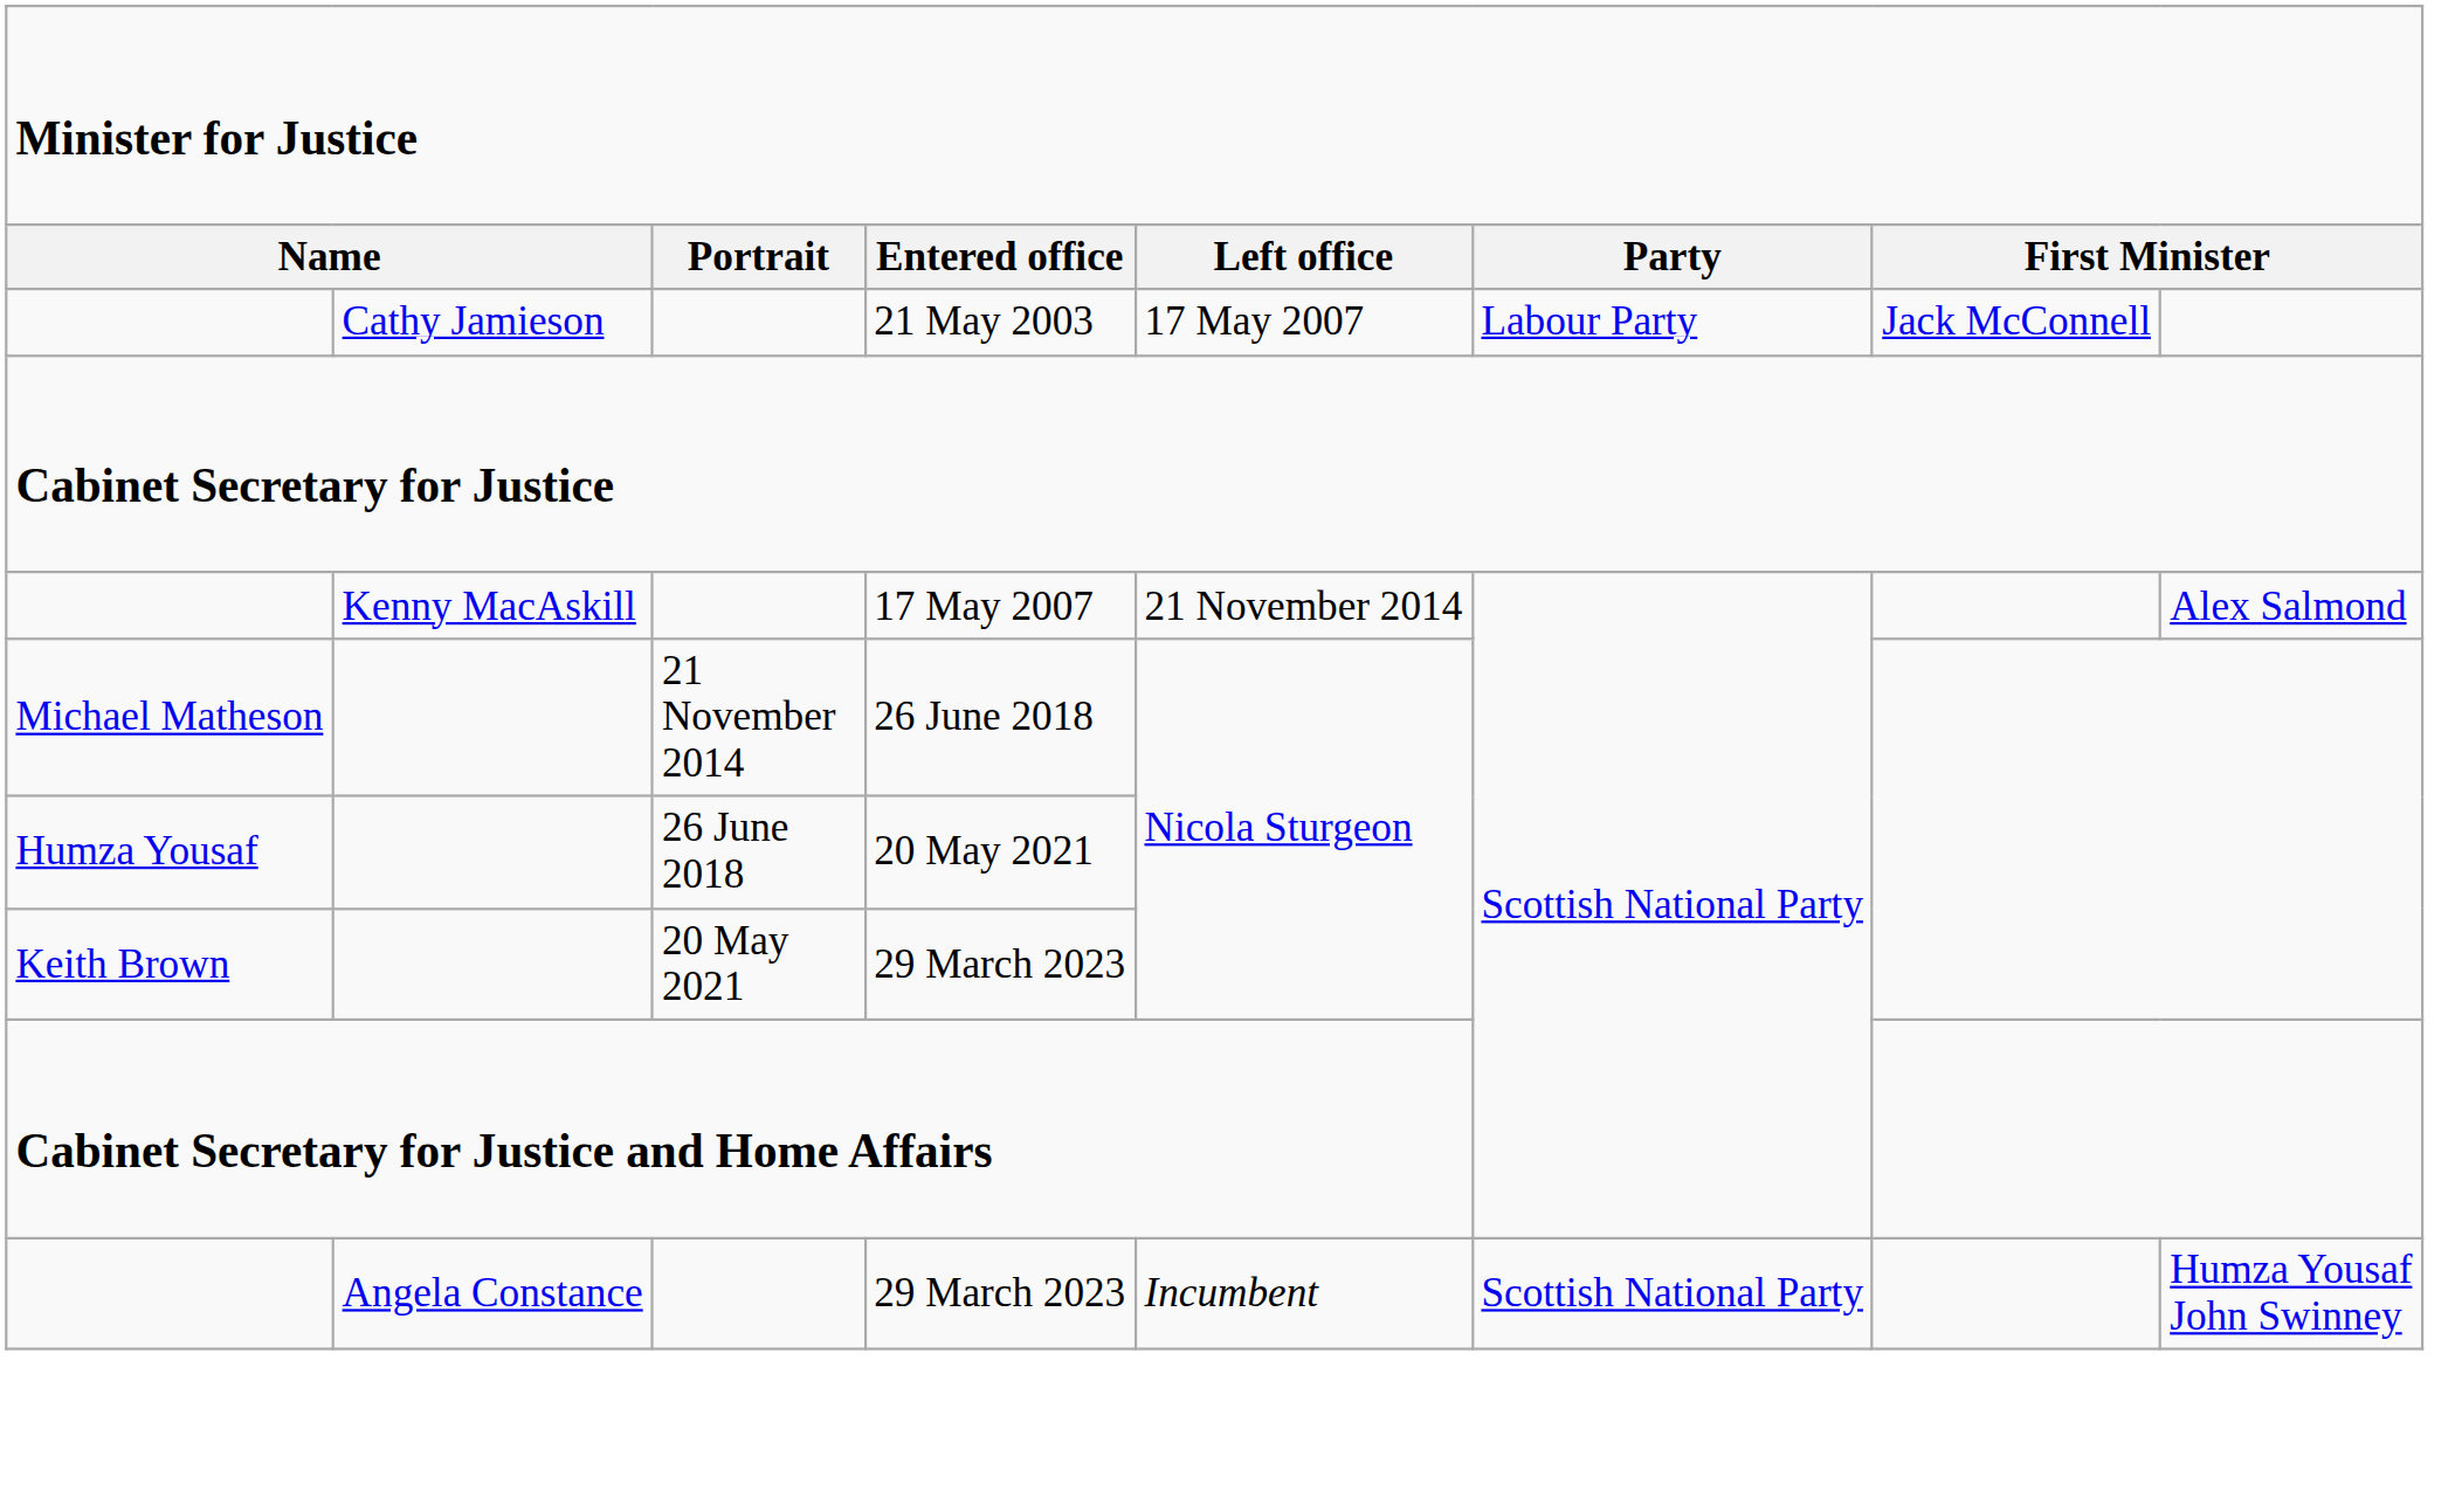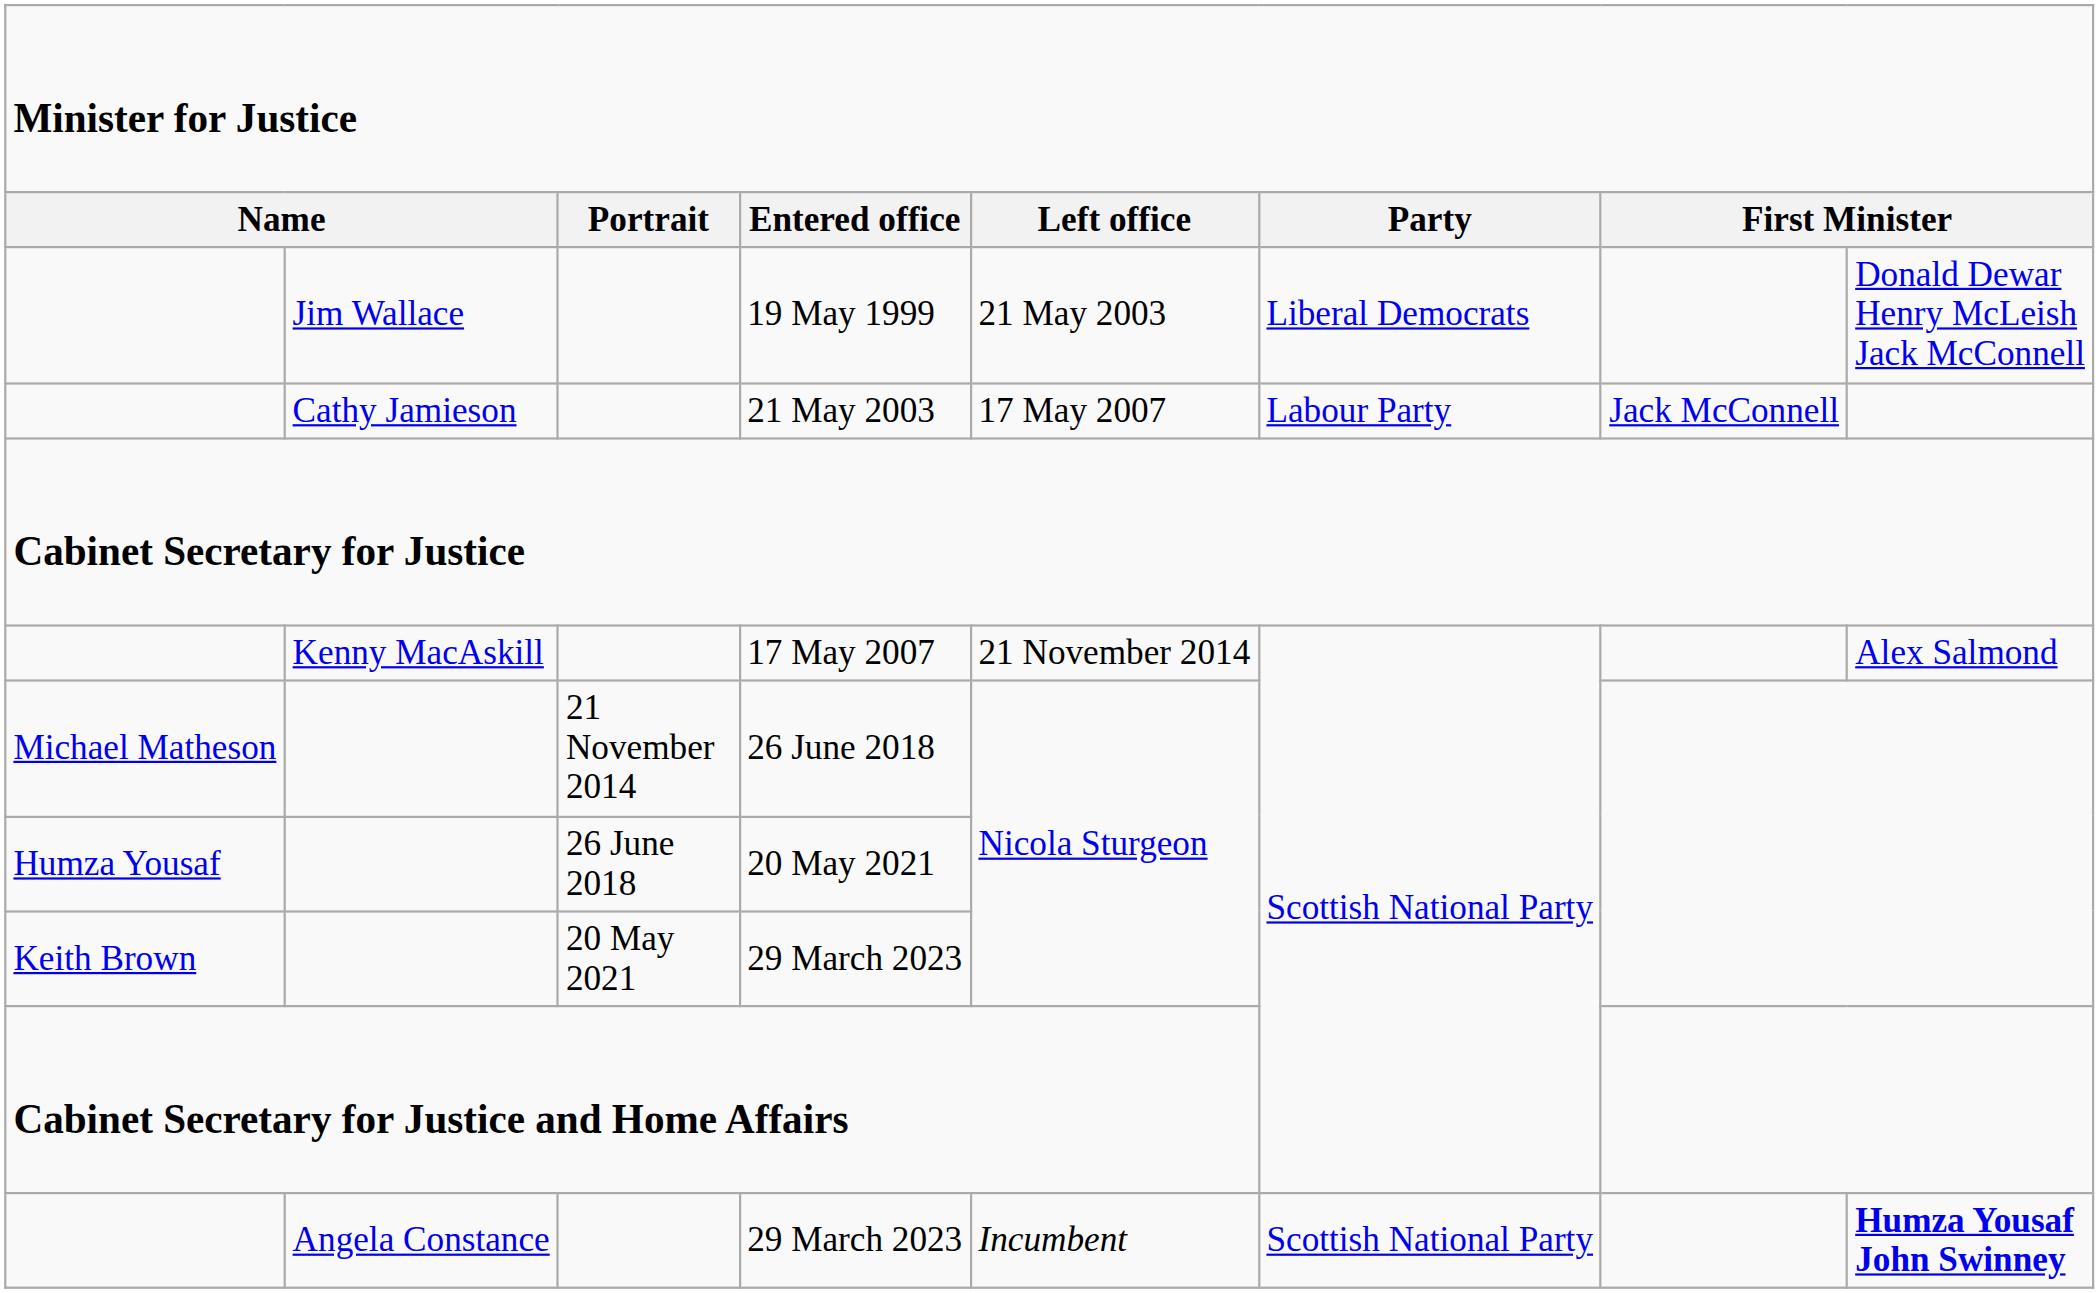 <table class="wikitable" style="margin: 0 0 0 1em; background: #f9f9f9; border: 1px #aaaaaa solid; border-collapse: collapse; ">
 <tr>
 <td colspan="8"><br><h3>Minister for Justice</h3></td>
 </tr>
 <tr>
 <th colspan="2">Name</th>
 <th width=75>Portrait</th>
 <th>Entered office</th>
 <th>Left office</th>
 <th>Party</th>
 <th colspan=2>First Minister</th>
+</tr>
+<tr>
+<td></td>
+<td><a href='#'>Jim Wallace</a></td>
+<td></td>
+<td>19 May 1999</td>
+<td>21 May 2003</td>
+<td><a href='#'>Liberal Democrats</a></td>
+<td></td>
+<td><a href='#'>Donald Dewar</a><br><a href='#'>Henry McLeish</a><br><a href='#'>Jack McConnell</a></td>
 </tr>
 <tr>
 <td></td>
 <td><a href='#'>Cathy Jamieson</a></td>
 <td></td>
 <td>21 May 2003</td>
 <td>17 May 2007</td>
 <td><a href='#'>Labour Party</a></td>
 <td><a href='#'>Jack McConnell</a></td>
 </tr>
 <tr>
 <td colspan="8"><br><h3>Cabinet Secretary for Justice</h3></td>
 </tr>
 <tr>
 <td></td>
 <td><a href='#'>Kenny MacAskill</a></td>
 <td></td>
 <td>17 May 2007</td>
 <td>21 November 2014</td>
 <td rowspan="5"><a href='#'>Scottish National Party</a></td>
 <td></td>
 <td><a href='#'>Alex Salmond</a></td>
 </tr>
 <tr>
 <td><a href='#'>Michael Matheson</a></td>
 <td></td>
 <td>21 November 2014</td>
 <td>26 June 2018</td>
 <td rowspan="3"><a href='#'>Nicola Sturgeon</a></td>
 </tr>
 <tr>
 <td><a href='#'>Humza Yousaf</a></td>
 <td></td>
 <td>26 June 2018</td>
 <td>20 May 2021</td>
 </tr>
 <tr>
 <td><a href='#'>Keith Brown</a></td>
 <td></td>
 <td>20 May 2021</td>
 <td>29 March 2023</td>
 </tr>
 <tr>
 <td colspan="8"><br><h3>Cabinet Secretary for Justice and Home Affairs</h3></td>
 </tr>
 <tr>
 <td></td>
 <td><a href='#'>Angela Constance</a></td>
 <td></td>
 <td>29 March 2023</td>
 <td><em>Incumbent</em></td>
 <td rowspan="5"><a href='#'>Scottish National Party</a></td>
 <td></td>
-<td><a href='#'>Humza Yousaf</a><br><a href='#'>John Swinney</a></td>
+<td><strong><a href='#'>Humza Yousaf</a><br><a href='#'>John Swinney</a></strong></td>
 </tr>
 </table>
